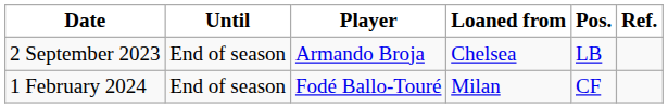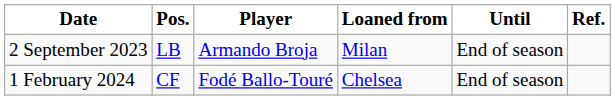 <table class="wikitable plainrowheaders sortable">
 <tr>
 <th style="background:white; color:black; ">Date</th>
-<th style="background:white; color:black; ">Until</th>
+<th style="background:white; color:black; ">Pos.</th>
 <th style="background:white; color:black; ">Player</th>
 <th style="background:white; color:black; ">Loaned from</th>
-<th style="background:white; color:black; ">Pos.</th>
+<th style="background:white; color:black; ">Until</th>
 <th style="background:white; color:black; ">Ref.</th>
 </tr>
 <tr>
 <td>2 September 2023</td>
+<td><a href='#'>LB</a></td>
+<td> <a href='#'>Armando Broja</a></td>
+<td> <a href='#'>Milan</a></td>
 <td>End of season</td>
-<td> <a href='#'>Armando Broja</a></td>
-<td> <a href='#'>Chelsea</a></td>
-<td><a href='#'>LB</a></td>
 <td></td>
 </tr>
 <tr>
 <td>1 February 2024</td>
+<td><a href='#'>CF</a></td>
+<td> <a href='#'>Fodé Ballo-Touré</a></td>
+<td> <a href='#'>Chelsea</a></td>
 <td>End of season</td>
-<td> <a href='#'>Fodé Ballo-Touré</a></td>
-<td> <a href='#'>Milan</a></td>
-<td><a href='#'>CF</a></td>
 <td></td>
 </tr>
 </table>
